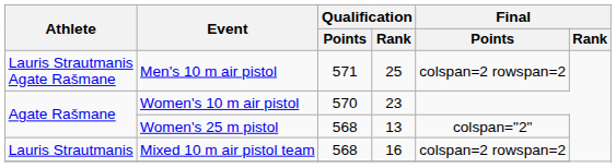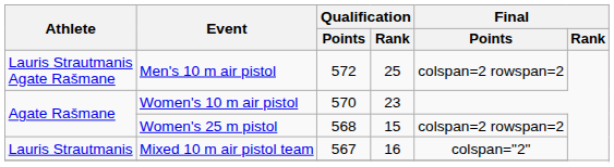 <table class="wikitable" style="font-size:90%">
 <tr>
 <th rowspan="2">Athlete</th>
 <th rowspan="2">Event</th>
 <th colspan=2>Qualification</th>
 <th colspan=2>Final</th>
 </tr>
 <tr style="font-size:95%">
 <th>Points</th>
 <th>Rank</th>
 <th>Points</th>
 <th>Rank</th>
 </tr>
 <tr align=center>
 <td align=left><a href='#'>Lauris Strautmanis</a><br><a href='#'>Agate Rašmane</a></td>
 <td align=left><a href='#'>Men's 10 m air pistol</a></td>
-<td>571</td>
+<td>572</td>
 <td>25</td>
 <td>colspan=2 rowspan=2</td>
 </tr>
 <tr align=center>
 <td align=left rowspan="2"><a href='#'>Agate Rašmane</a></td>
 <td align=left><a href='#'>Women's 10 m air pistol</a></td>
 <td>570</td>
 <td>23</td>
 </tr>
 <tr align=center>
 <td align=left><a href='#'>Women's 25 m pistol</a></td>
 <td>568</td>
-<td>13</td>
-<td>colspan="2"</td>
+<td>15</td>
+<td>colspan=2 rowspan=2</td>
 </tr>
 <tr align=center>
 <td align=left><a href='#'>Lauris Strautmanis</a></td>
 <td align=left><a href='#'>Mixed 10 m air pistol team</a></td>
-<td>568</td>
+<td>567</td>
 <td>16</td>
-<td>colspan=2 rowspan=2</td>
+<td>colspan="2"</td>
 </tr>
 <tr align=center>
 </tr>
 </table>
